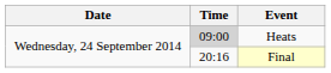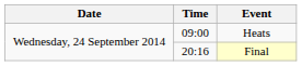 <table class = "wikitable" style="text-align:center;">
 <tr>
 <th width=220>Date</th>
 <th width=50>Time</th>
 <th width=100>Event</th>
 </tr>
 <tr>
 <td rowspan=2>Wednesday, 24 September 2014</td>
-<td style="background: lightgrey;">09:00</td>
+<td>09:00</td>
 <td>Heats</td>
 </tr>
 <tr>
 <td>20:16</td>
 <td bgcolor=ffffcc>Final</td>
 </tr>
 </table>
